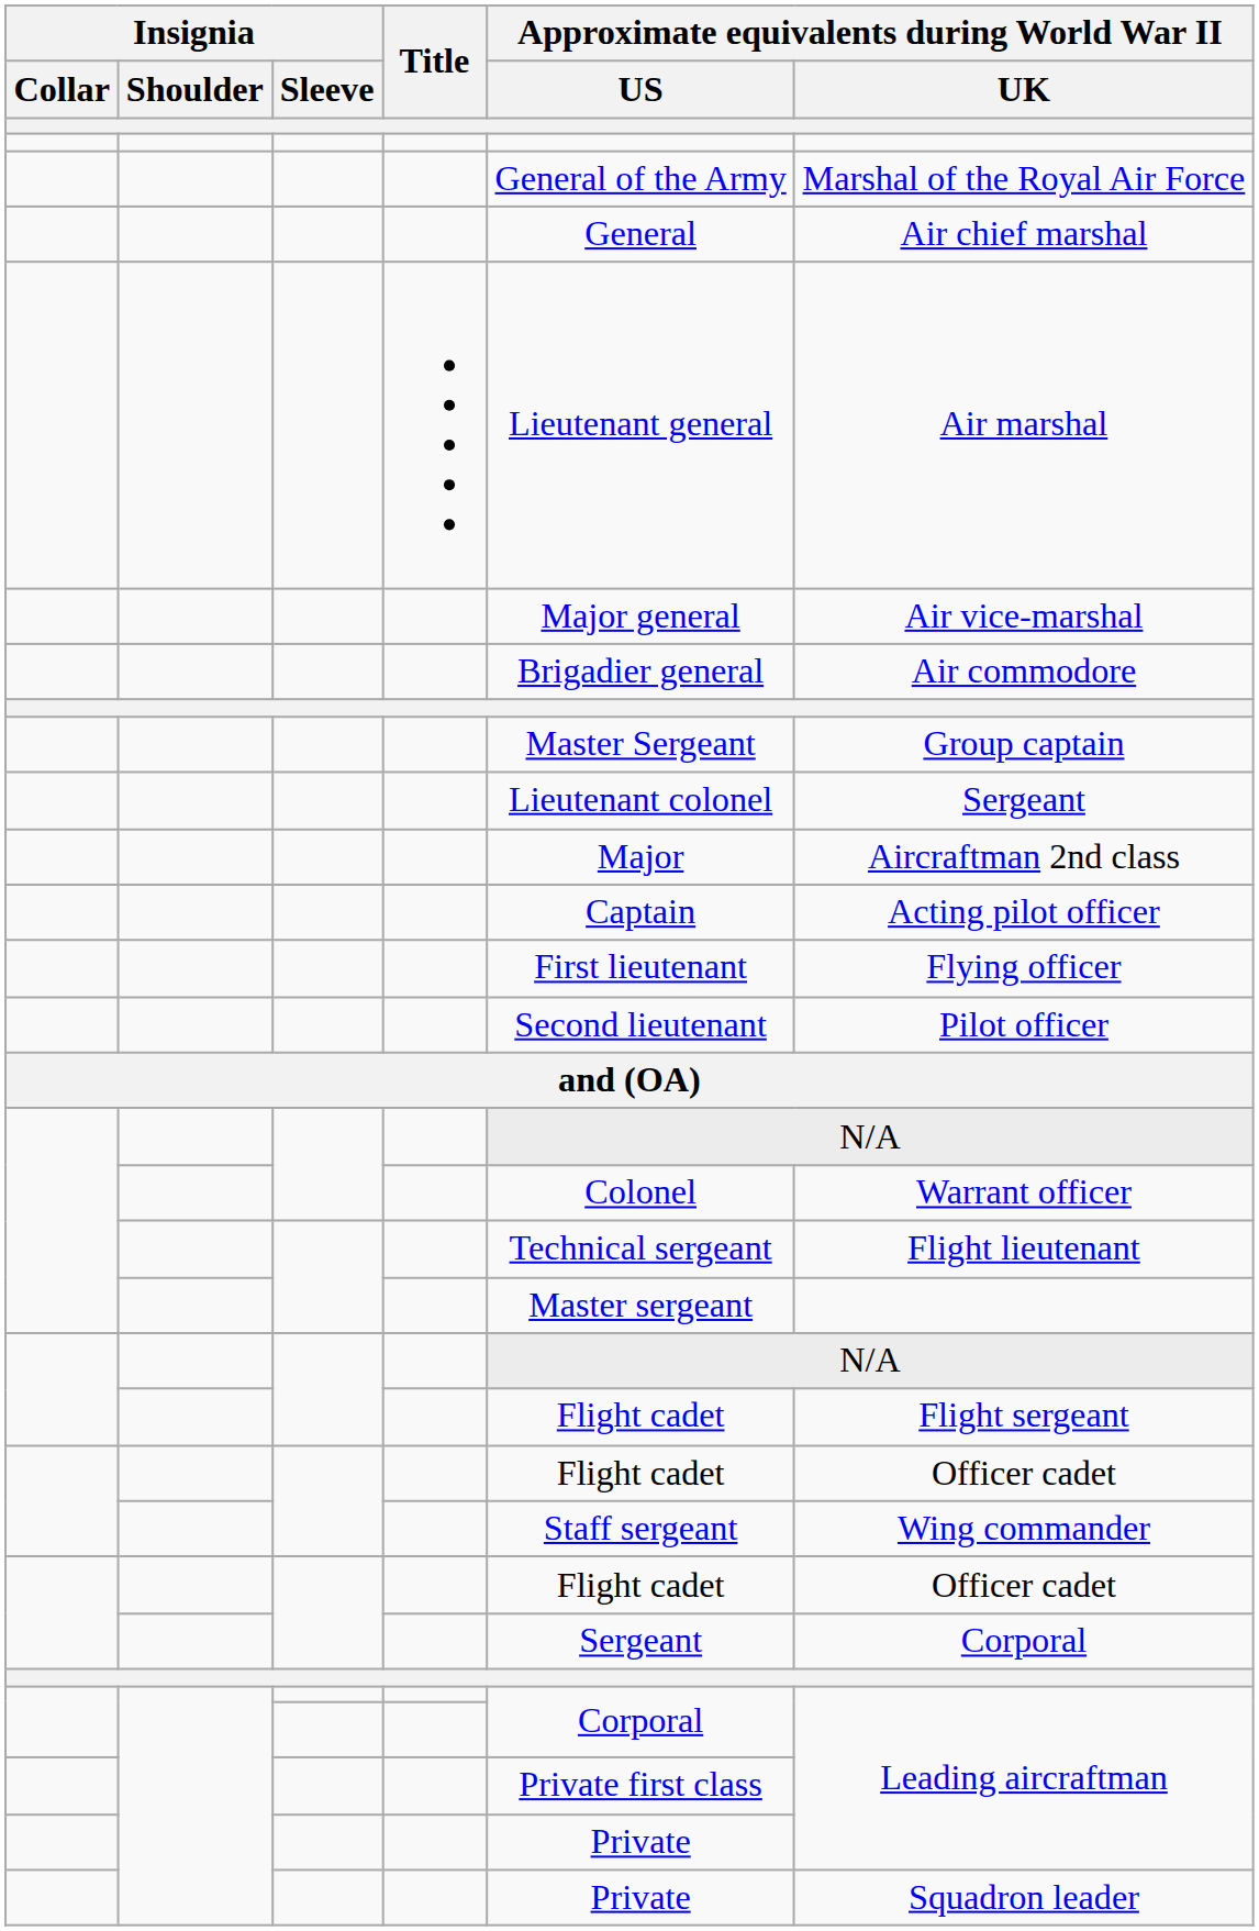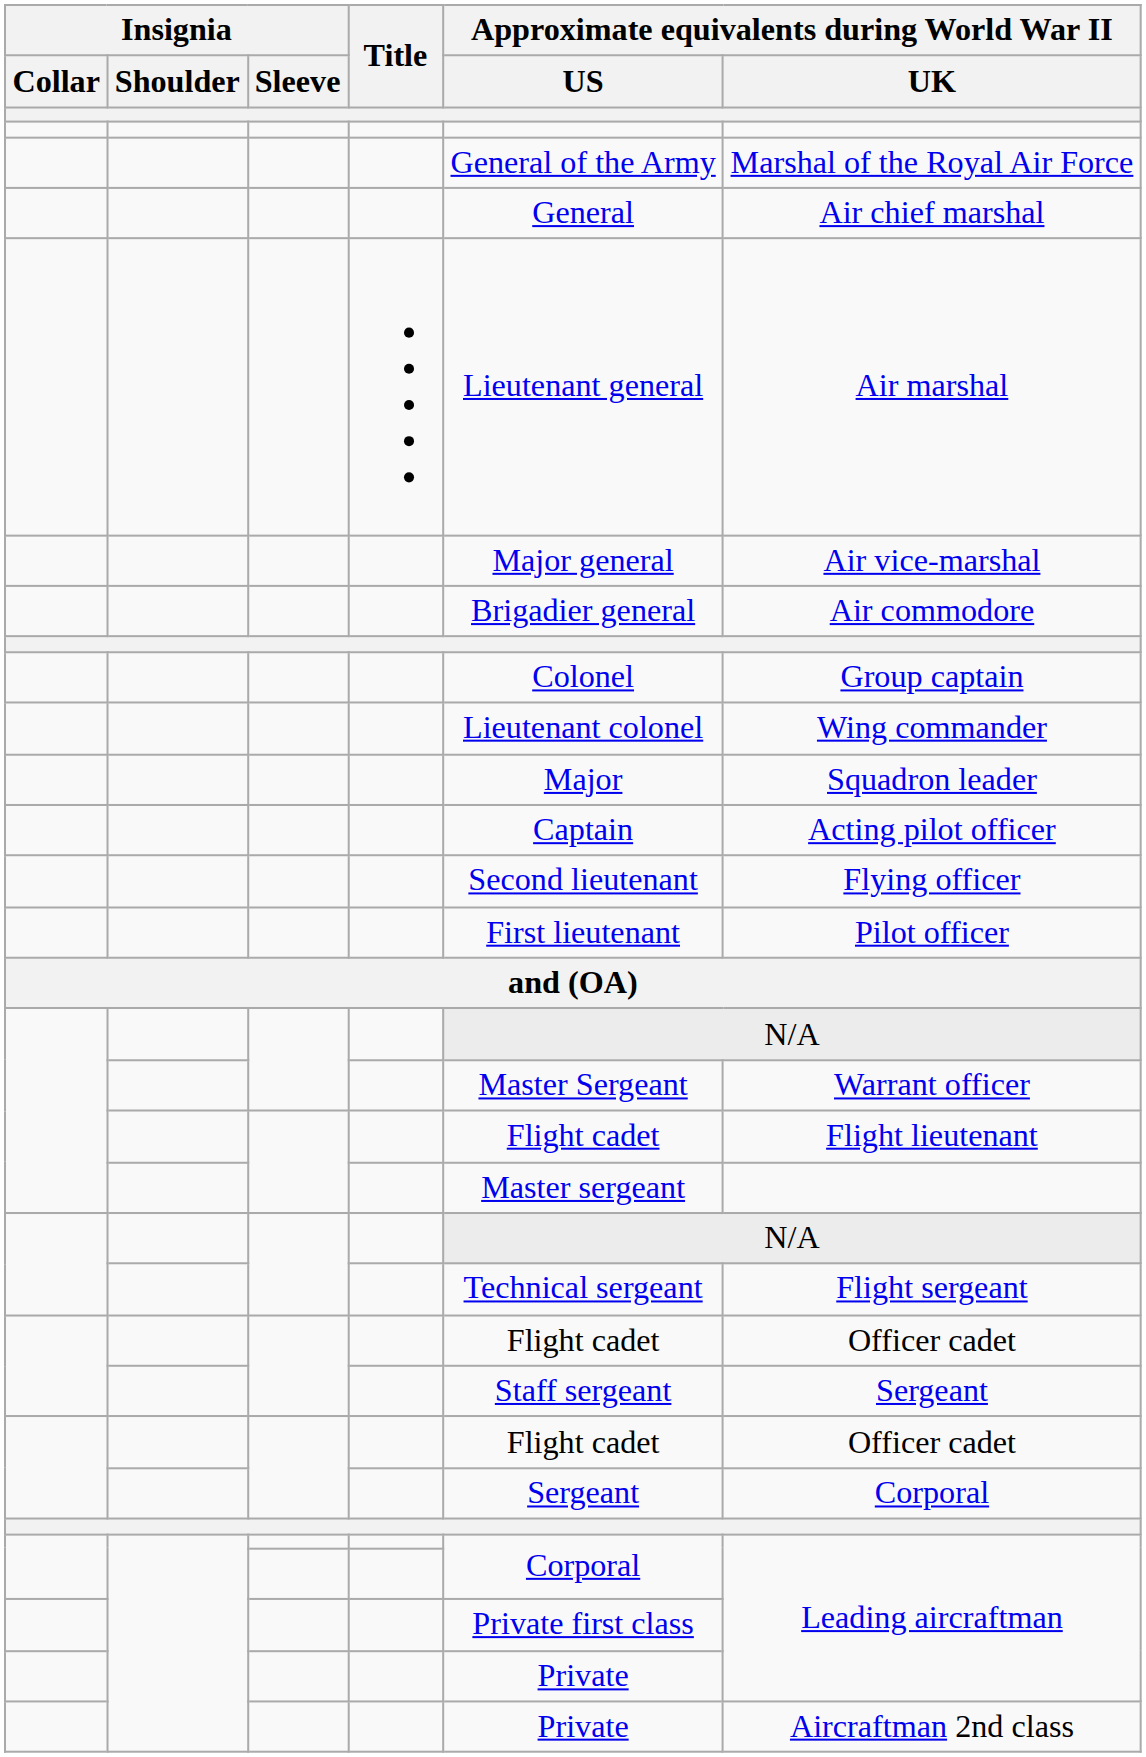 <table class="wikitable">
 <tr>
 <th colspan=3>Insignia</th>
 <th rowspan=2>Title<br></th>
 <th colspan=3>Approximate equivalents during World War II</th>
 </tr>
 <tr>
 <th>Collar</th>
 <th>Shoulder</th>
 <th>Sleeve<br></th>
 <th>US</th>
 <th>UK</th>
 </tr>
 <tr>
 <th colspan=6></th>
 </tr>
 <tr style="text-align:center;">
 <td></td>
 <td></td>
 <td></td>
 <td></td>
 <td></td>
 <td></td>
 </tr>
 <tr style="text-align:center;">
 <td></td>
 <td></td>
 <td></td>
 <td></td>
 <td><a href='#'>General of the Army</a></td>
 <td><a href='#'>Marshal of the Royal Air Force</a></td>
 </tr>
 <tr style="text-align:center;">
 <td></td>
 <td></td>
 <td></td>
 <td></td>
 <td><a href='#'>General</a></td>
 <td><a href='#'>Air chief marshal</a></td>
 </tr>
 <tr style="text-align:center;">
 <td></td>
 <td></td>
 <td></td>
 <td><br><ul><li></li><li></li><li></li><li></li><li></li></ul></td>
 <td><a href='#'>Lieutenant general</a></td>
 <td><a href='#'>Air marshal</a></td>
 </tr>
 <tr style="text-align:center;">
 <td></td>
 <td></td>
 <td></td>
 <td></td>
 <td><a href='#'>Major general</a></td>
 <td><a href='#'>Air vice-marshal</a></td>
 </tr>
 <tr style="text-align:center;">
 <td></td>
 <td></td>
 <td></td>
 <td></td>
 <td><a href='#'>Brigadier general</a></td>
 <td><a href='#'>Air commodore</a></td>
 </tr>
 <tr style="text-align:center;">
 <th colspan=6></th>
 </tr>
 <tr style="text-align:center;">
 <td></td>
 <td></td>
 <td></td>
 <td></td>
-<td><a href='#'>Master Sergeant</a></td>
+<td><a href='#'>Colonel</a></td>
 <td><a href='#'>Group captain</a></td>
 </tr>
 <tr style="text-align:center;">
 <td></td>
 <td></td>
 <td></td>
 <td></td>
 <td><a href='#'>Lieutenant colonel</a></td>
-<td><a href='#'>Sergeant</a></td>
+<td><a href='#'>Wing commander</a></td>
 </tr>
 <tr style="text-align:center;">
 <td></td>
 <td></td>
 <td></td>
 <td></td>
 <td><a href='#'>Major</a></td>
-<td><a href='#'>Aircraftman</a> 2nd class</td>
+<td><a href='#'>Squadron leader</a></td>
 </tr>
 <tr style="text-align:center;">
 <td></td>
 <td></td>
 <td></td>
 <td></td>
 <td><a href='#'>Captain</a></td>
 <td><a href='#'>Acting pilot officer</a></td>
 </tr>
 <tr style="text-align:center;">
 <td></td>
 <td></td>
 <td></td>
 <td></td>
-<td><a href='#'>First lieutenant</a></td>
+<td><a href='#'>Second lieutenant</a></td>
 <td><a href='#'>Flying officer</a></td>
 </tr>
 <tr style="text-align:center;">
 <td></td>
 <td></td>
 <td></td>
 <td></td>
-<td><a href='#'>Second lieutenant</a></td>
+<td><a href='#'>First lieutenant</a></td>
 <td><a href='#'>Pilot officer</a></td>
 </tr>
 <tr style="text-align:center;">
 <th colspan=6> and  (OA)</th>
 </tr>
 <tr style="text-align:center;">
 <td rowspan=4></td>
 <td></td>
 <td rowspan=2></td>
 <td></td>
 <td style="background: #ececec;" colspan=2>N/A</td>
 </tr>
 <tr style="text-align:center;">
 <td></td>
 <td></td>
-<td><a href='#'>Colonel</a></td>
+<td><a href='#'>Master Sergeant</a></td>
 <td><a href='#'>Warrant officer</a></td>
 </tr>
 <tr style="text-align:center;">
 <td></td>
 <td rowspan=2></td>
 <td></td>
-<td><a href='#'>Technical sergeant</a></td>
+<td><a href='#'>Flight cadet</a></td>
 <td><a href='#'>Flight lieutenant</a></td>
 </tr>
 <tr style="text-align:center;">
 <td></td>
 <td></td>
 <td><a href='#'>Master sergeant</a></td>
 <td></td>
 </tr>
 <tr style="text-align:center;">
 <td rowspan=2></td>
 <td></td>
 <td rowspan=2></td>
 <td></td>
 <td style="background: #ececec;" colspan=2>N/A</td>
 </tr>
 <tr style="text-align:center;">
 <td></td>
 <td></td>
-<td><a href='#'>Flight cadet</a></td>
+<td><a href='#'>Technical sergeant</a></td>
 <td><a href='#'>Flight sergeant</a></td>
 </tr>
 <tr style="text-align:center;">
 <td rowspan=2></td>
 <td></td>
 <td rowspan=2></td>
 <td></td>
 <td>Flight cadet</td>
 <td>Officer cadet</td>
 </tr>
 <tr style="text-align:center;">
 <td></td>
 <td></td>
 <td><a href='#'>Staff sergeant</a></td>
-<td><a href='#'>Wing commander</a></td>
+<td><a href='#'>Sergeant</a></td>
 </tr>
 <tr style="text-align:center;">
 <td rowspan=2></td>
 <td></td>
 <td rowspan=2></td>
 <td></td>
 <td>Flight cadet</td>
 <td>Officer cadet</td>
 </tr>
 <tr style="text-align:center;">
 <td></td>
 <td></td>
 <td><a href='#'>Sergeant</a></td>
 <td><a href='#'>Corporal</a></td>
 </tr>
 <tr style="text-align:center;">
 <th colspan=6></th>
 </tr>
 <tr style="text-align:center;">
 <td rowspan=2></td>
 <td rowspan=5></td>
 <td></td>
 <td></td>
 <td rowspan=2><a href='#'>Corporal</a></td>
 <td rowspan=4><a href='#'>Leading aircraftman</a></td>
 </tr>
 <tr style="text-align:center;">
 <td></td>
 <td><br></td>
 </tr>
 <tr style="text-align:center;">
 <td></td>
 <td></td>
 <td></td>
 <td><a href='#'>Private first class</a></td>
 </tr>
 <tr style="text-align:center;">
 <td></td>
 <td></td>
 <td></td>
 <td><a href='#'>Private</a></td>
 </tr>
 <tr style="text-align:center;">
 <td></td>
 <td></td>
 <td></td>
 <td><a href='#'>Private</a></td>
-<td><a href='#'>Squadron leader</a></td>
+<td><a href='#'>Aircraftman</a> 2nd class</td>
 </tr>
 </table>
